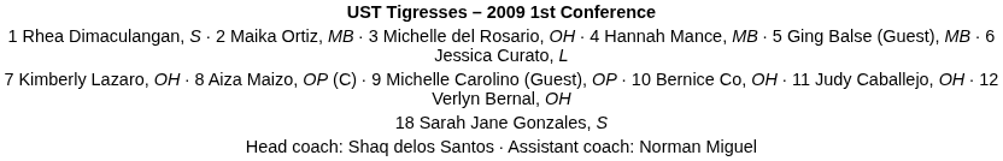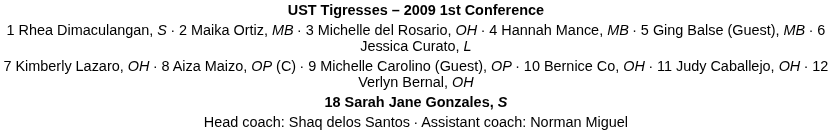 <table class='toccolours mw-collapsible mw-collapsed' width=100% style=font-size:95%>
 <tr>
 <th style=>UST Tigresses – 2009 1st Conference</th>
 </tr>
 <tr align=center>
 <td>1 Rhea Dimaculangan, <em>S</em> ∙ 2 Maika Ortiz, <em>MB</em> ∙ 3 Michelle del Rosario, <em>OH</em> ∙ 4 Hannah Mance, <em>MB</em> ∙ 5 Ging Balse (Guest), <em>MB</em> ∙ 6 Jessica Curato, <em>L</em></td>
 </tr>
 <tr align=center>
 <td>7 Kimberly Lazaro, <em>OH</em> ∙ 8 Aiza Maizo, <em>OP</em> (C) ∙ 9 Michelle Carolino (Guest), <em>OP</em> ∙ 10 Bernice Co, <em>OH</em> ∙ 11 Judy Caballejo, <em>OH</em> ∙ 12 Verlyn Bernal, <em>OH</em></td>
 </tr>
 <tr align=center>
-<td>18 Sarah Jane Gonzales, <em>S</em></td>
+<td><strong>18 Sarah Jane Gonzales, <em>S</em></strong></td>
 </tr>
 <tr align=center>
 <td>Head coach: Shaq delos Santos ∙ Assistant coach: Norman Miguel</td>
 </tr>
 </table>
